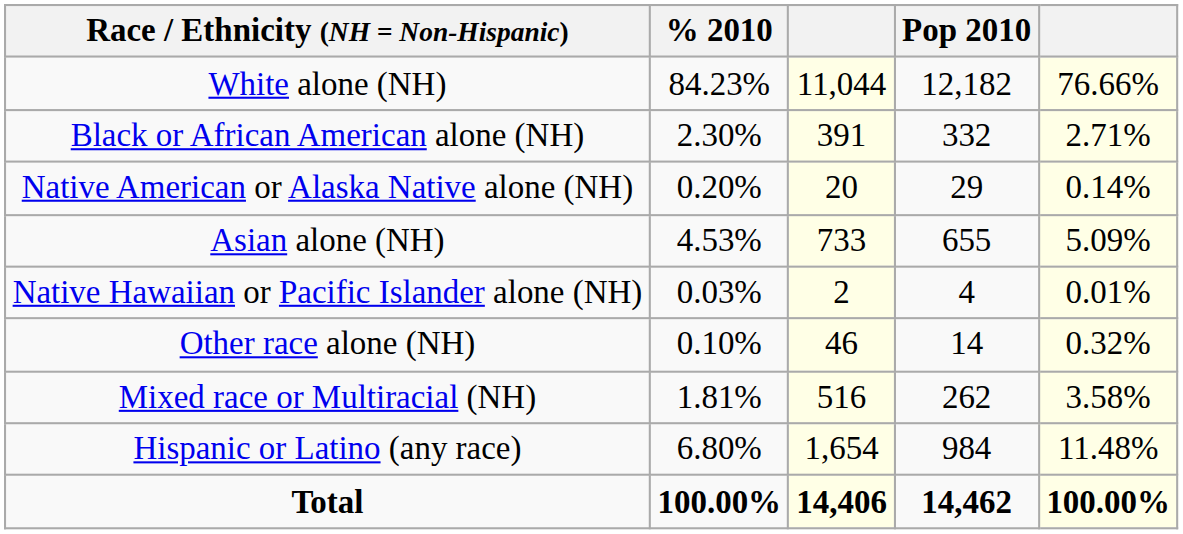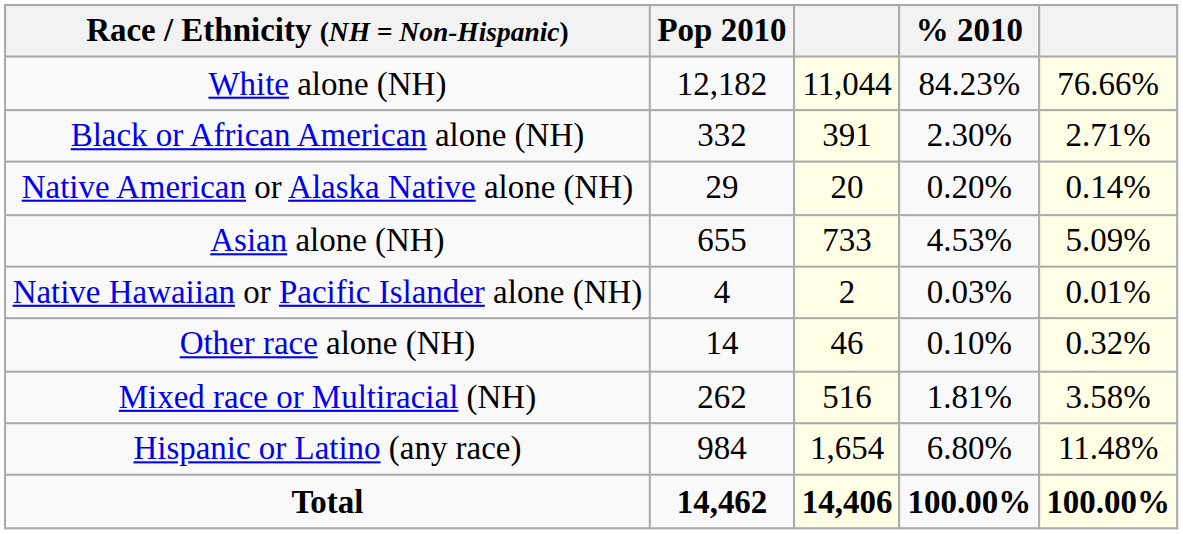 <table class="wikitable" style="text-align:center;">
 <tr>
 <th>Race / Ethnicity <small>(<em>NH = Non-Hispanic</em>)</small></th>
+<th>Pop 2010</th>
+<th></th>
 <th>% 2010</th>
-<th></th>
-<th>Pop 2010</th>
 <th></th>
 </tr>
 <tr>
 <td><a href='#'>White</a> alone (NH)</td>
+<td>12,182</td>
+<td style='background: #ffffe6;'>11,044</td>
 <td>84.23%</td>
-<td style='background: #ffffe6;'>11,044</td>
-<td>12,182</td>
 <td style='background: #ffffe6;'>76.66%</td>
 </tr>
 <tr>
 <td><a href='#'>Black or African American</a> alone (NH)</td>
+<td>332</td>
+<td style='background: #ffffe6;'>391</td>
 <td>2.30%</td>
-<td style='background: #ffffe6;'>391</td>
-<td>332</td>
 <td style='background: #ffffe6;'>2.71%</td>
 </tr>
 <tr>
 <td><a href='#'>Native American</a> or <a href='#'>Alaska Native</a> alone (NH)</td>
+<td>29</td>
+<td style='background: #ffffe6;'>20</td>
 <td>0.20%</td>
-<td style='background: #ffffe6;'>20</td>
-<td>29</td>
 <td style='background: #ffffe6;'>0.14%</td>
 </tr>
 <tr>
 <td><a href='#'>Asian</a> alone (NH)</td>
+<td>655</td>
+<td style='background: #ffffe6;'>733</td>
 <td>4.53%</td>
-<td style='background: #ffffe6;'>733</td>
-<td>655</td>
 <td style='background: #ffffe6;'>5.09%</td>
 </tr>
 <tr>
 <td><a href='#'>Native Hawaiian</a> or <a href='#'>Pacific Islander</a> alone (NH)</td>
+<td>4</td>
+<td style='background: #ffffe6;'>2</td>
 <td>0.03%</td>
-<td style='background: #ffffe6;'>2</td>
-<td>4</td>
 <td style='background: #ffffe6;'>0.01%</td>
 </tr>
 <tr>
 <td><a href='#'>Other race</a> alone (NH)</td>
+<td>14</td>
+<td style='background: #ffffe6;'>46</td>
 <td>0.10%</td>
-<td style='background: #ffffe6;'>46</td>
-<td>14</td>
 <td style='background: #ffffe6;'>0.32%</td>
 </tr>
 <tr>
 <td><a href='#'>Mixed race or Multiracial</a> (NH)</td>
+<td>262</td>
+<td style='background: #ffffe6;'>516</td>
 <td>1.81%</td>
-<td style='background: #ffffe6;'>516</td>
-<td>262</td>
 <td style='background: #ffffe6;'>3.58%</td>
 </tr>
 <tr>
 <td><a href='#'>Hispanic or Latino</a> (any race)</td>
+<td>984</td>
+<td style='background: #ffffe6;'>1,654</td>
 <td>6.80%</td>
-<td style='background: #ffffe6;'>1,654</td>
-<td>984</td>
 <td style='background: #ffffe6;'>11.48%</td>
 </tr>
 <tr>
 <td><strong>Total</strong></td>
+<td><strong>14,462</strong></td>
+<td style='background: #ffffe6;'><strong>14,406</strong></td>
 <td><strong>100.00%</strong></td>
-<td style='background: #ffffe6;'><strong>14,406</strong></td>
-<td><strong>14,462</strong></td>
 <td style='background: #ffffe6;'><strong>100.00%</strong></td>
 </tr>
 </table>
